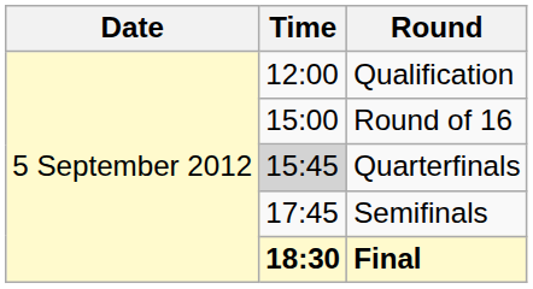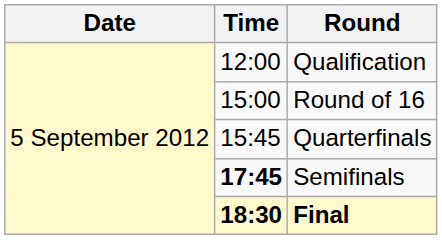 <table class="wikitable">
 <tr>
 <th>Date</th>
 <th>Time</th>
 <th>Round</th>
 </tr>
 <tr>
 <td style=background:lemonchiffon rowspan=5>5 September 2012</td>
 <td>12:00</td>
 <td>Qualification</td>
 </tr>
 <tr>
 <td>15:00</td>
 <td>Round of 16</td>
 </tr>
 <tr>
-<td style="background: lightgrey;">15:45</td>
+<td>15:45</td>
 <td>Quarterfinals</td>
 </tr>
 <tr>
-<td>17:45</td>
+<td><strong>17:45</strong></td>
 <td>Semifinals</td>
 </tr>
 <tr>
 <td style=background:lemonchiffon><strong>18:30</strong></td>
 <td style=background:lemonchiffon><strong>Final</strong></td>
 </tr>
 </table>
